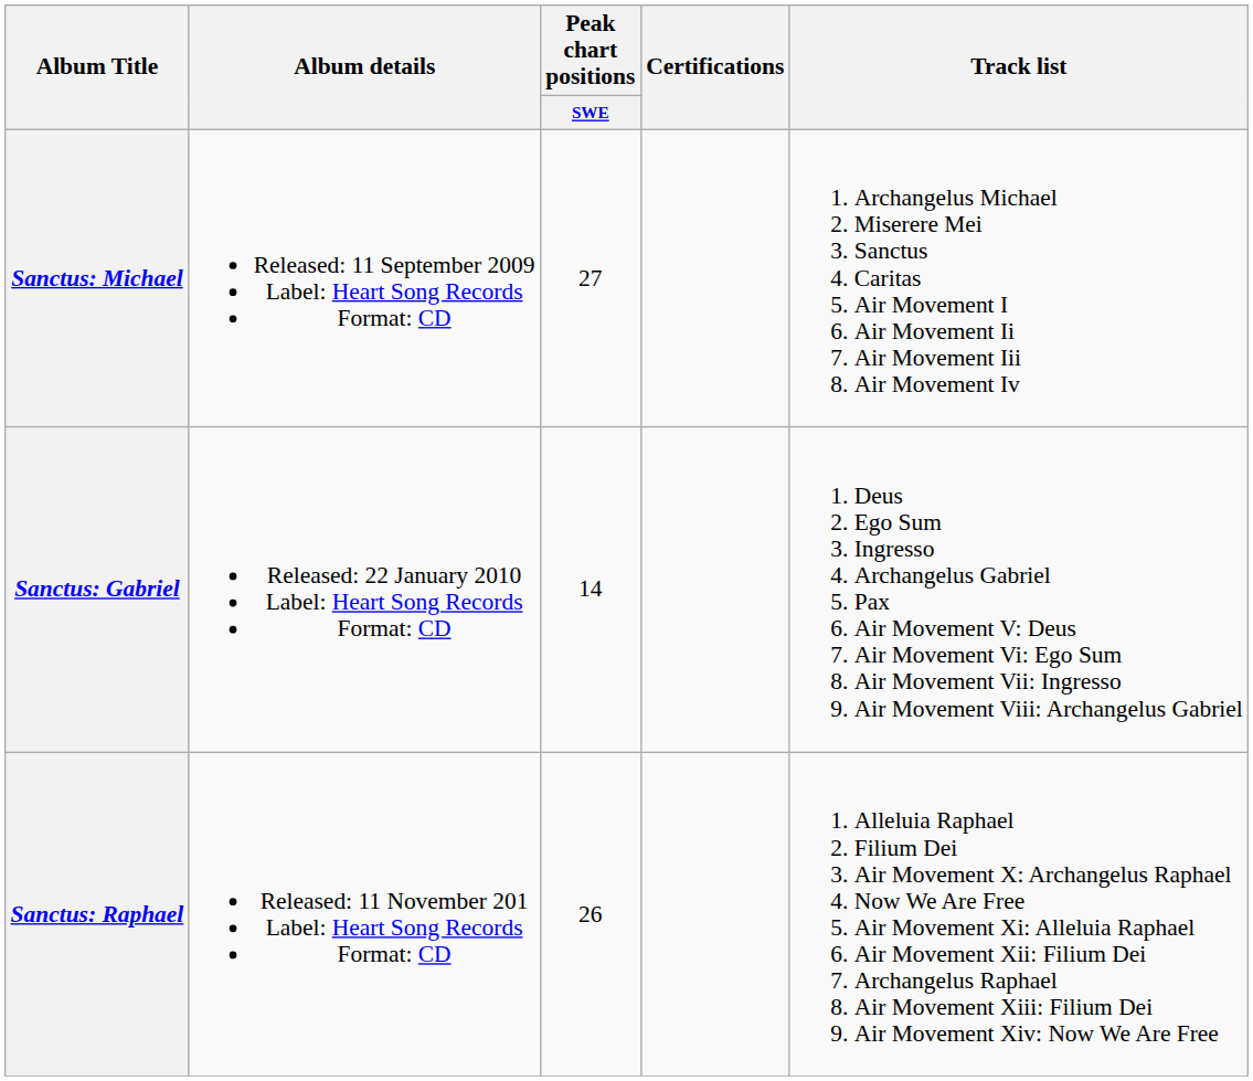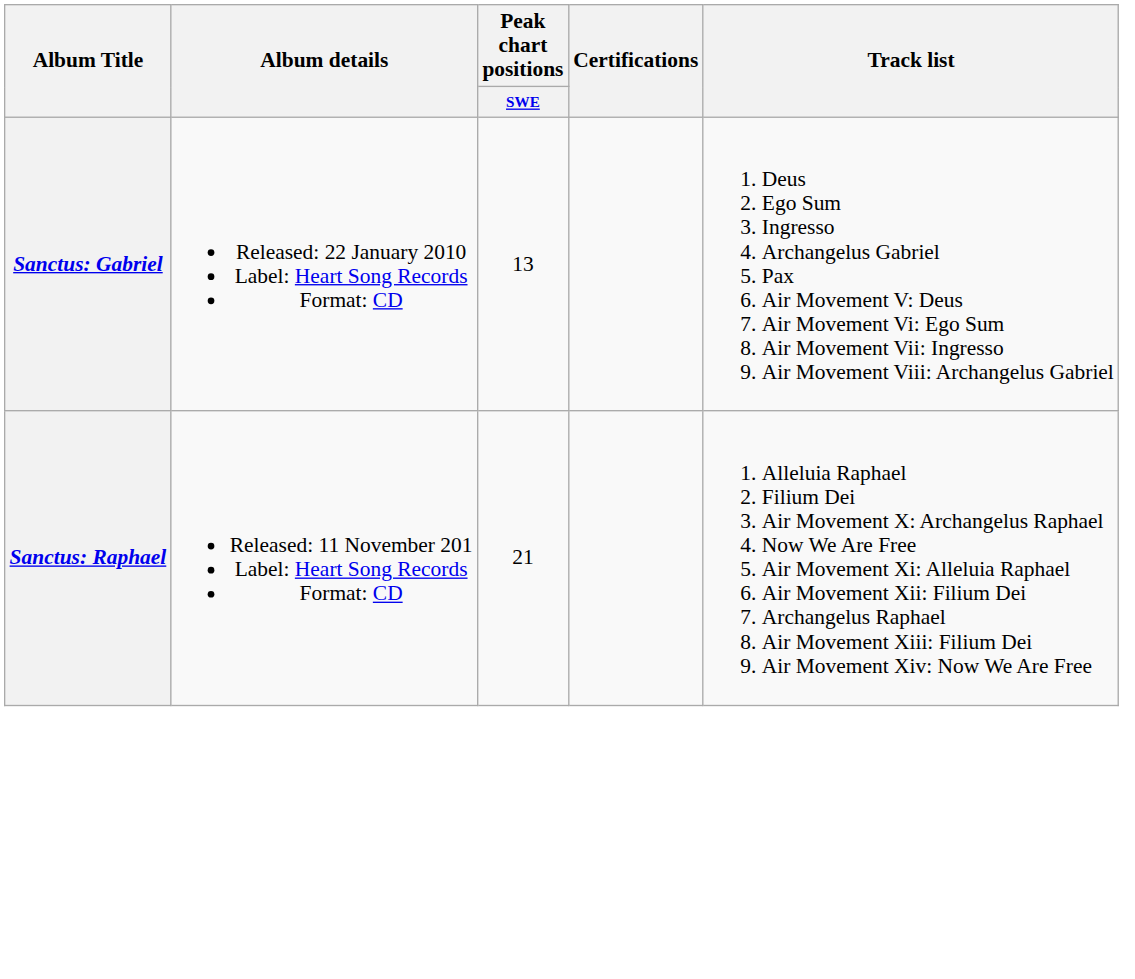 <table class="wikitable plainrowheaders" style="text-align:center;">
 <tr>
 <th scope="col" rowspan="2">Album Title</th>
 <th scope="col" rowspan="2">Album details</th>
 <th scope="col" colspan="1">Peak chart positions</th>
 <th scope="col" rowspan="2">Certifications</th>
 <th scope="col" rowspan="2">Track list</th>
 </tr>
 <tr>
 <th scope="col" style="width:3em;font-size:85%;"><small><a href='#'>SWE</a></small><br></th>
 </tr>
 <tr>
-<th scope="row"><em><a href='#'>Sanctus: Michael</a></em></th>
-<td><br><ul><li>Released: 11 September 2009</li><li>Label: <a href='#'>Heart Song Records</a></li><li>Format: <a href='#'>CD</a></li></ul></td>
-<td style="text-align:center;">27</td>
-<td align="left"></td>
-<td align="left"><br><ol><li>Archangelus Michael</li><li>Miserere Mei</li><li>Sanctus</li><li>Caritas</li><li>Air Movement I</li><li>Air Movement Ii</li><li>Air Movement Iii</li><li>Air Movement Iv</li></ol></td>
-</tr>
-<tr>
 <th scope="row"><em><a href='#'>Sanctus: Gabriel</a></em></th>
 <td><br><ul><li>Released: 22 January 2010</li><li>Label: <a href='#'>Heart Song Records</a></li><li>Format: <a href='#'>CD</a></li></ul></td>
-<td style="text-align:center;">14</td>
+<td style="text-align:center;">13</td>
 <td align="left"></td>
 <td align="left"><br><ol><li>Deus</li><li>Ego Sum</li><li>Ingresso</li><li>Archangelus Gabriel</li><li>Pax</li><li>Air Movement V: Deus</li><li>Air Movement Vi: Ego Sum</li><li>Air Movement Vii: Ingresso</li><li>Air Movement Viii: Archangelus Gabriel</li></ol></td>
 </tr>
 <tr>
 <th scope="row"><em><a href='#'>Sanctus: Raphael</a></em></th>
 <td><br><ul><li>Released: 11 November 201</li><li>Label: <a href='#'>Heart Song Records</a></li><li>Format: <a href='#'>CD</a></li></ul></td>
-<td style="text-align:center;">26</td>
+<td style="text-align:center;">21</td>
 <td align="left"></td>
 <td align="left"><br><ol><li>Alleluia Raphael</li><li>Filium Dei</li><li>Air Movement X: Archangelus Raphael</li><li>Now We Are Free</li><li>Air Movement Xi: Alleluia Raphael</li><li>Air Movement Xii: Filium Dei</li><li>Archangelus Raphael</li><li>Air Movement Xiii: Filium Dei</li><li>Air Movement Xiv: Now We Are Free</li></ol></td>
 </tr>
 </table>
